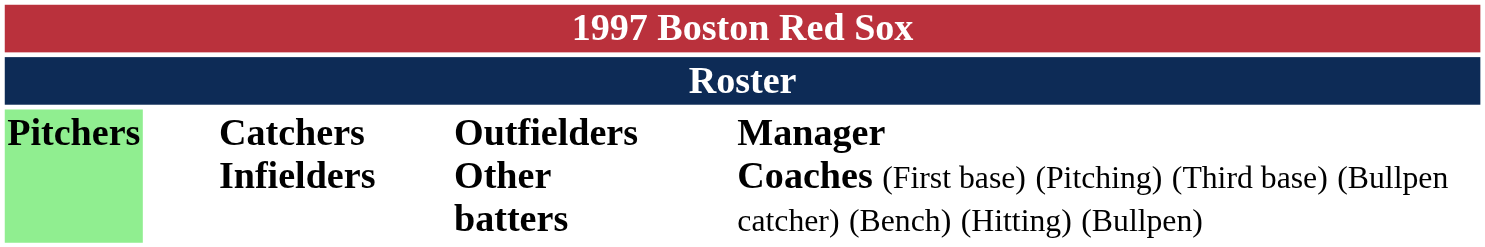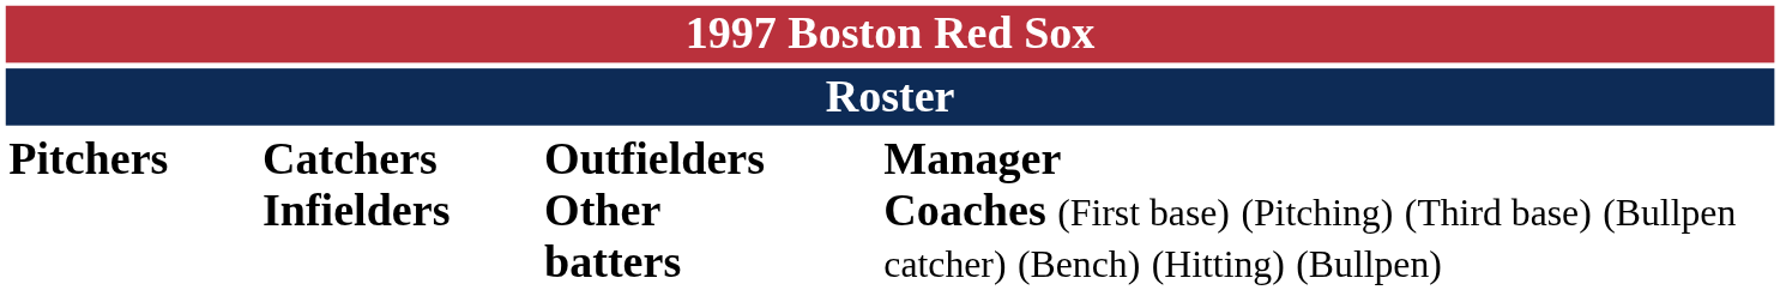 <table class="toccolours" style="text-align: left;">
 <tr>
 <th colspan="10" style="background-color: #ba313c; color: #FFFFFF; text-align: center;">1997 Boston Red Sox</th>
 </tr>
 <tr>
 <td colspan="10" style="background-color:#0d2b56; color: white; text-align: center;"><strong>Roster</strong></td>
 </tr>
 <tr>
-<td valign="top" style="background: lightgreen;"><strong>Pitchers</strong><br>                       </td>
+<td valign="top"><strong>Pitchers</strong><br>                       </td>
 <td width="25px"></td>
 <td valign="top"><strong>Catchers</strong><br>    <strong>Infielders</strong>         </td>
 <td width="25px"></td>
 <td valign="top"><strong>Outfielders</strong><br>        <strong>Other batters</strong> </td>
 <td width="25px"></td>
 <td valign="top"><strong>Manager</strong><br>  <strong>Coaches</strong>  <small>(First base)</small>   <small>(Pitching)</small>  <small>(Third base)</small>   <small>(Bullpen catcher)</small>  <small>(Bench)</small>  <small>(Hitting)</small>  <small>(Bullpen)</small></td>
 </tr>
 <tr>
 </tr>
 </table>
